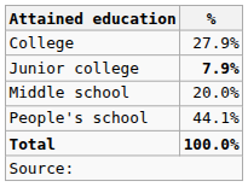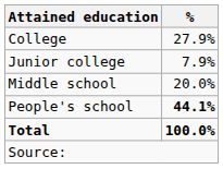 <table class=wikitable style=text-align:right>
 <tr>
 <th>Attained education</th>
 <th>%</th>
 </tr>
 <tr>
 <td align=left>College</td>
 <td>27.9%</td>
 </tr>
 <tr>
 <td align=left>Junior college</td>
-<td><strong>7.9%</strong></td>
+<td>7.9%</td>
 </tr>
 <tr>
 <td align=left>Middle school</td>
 <td>20.0%</td>
 </tr>
 <tr>
 <td align=left>People's school</td>
-<td>44.1%</td>
+<td><strong>44.1%</strong></td>
 </tr>
 <tr>
 <td align=left><strong>Total</strong></td>
 <td><strong>100.0%</strong></td>
 </tr>
 <tr>
 <td align=left colspan=2>Source:</td>
 </tr>
 </table>
